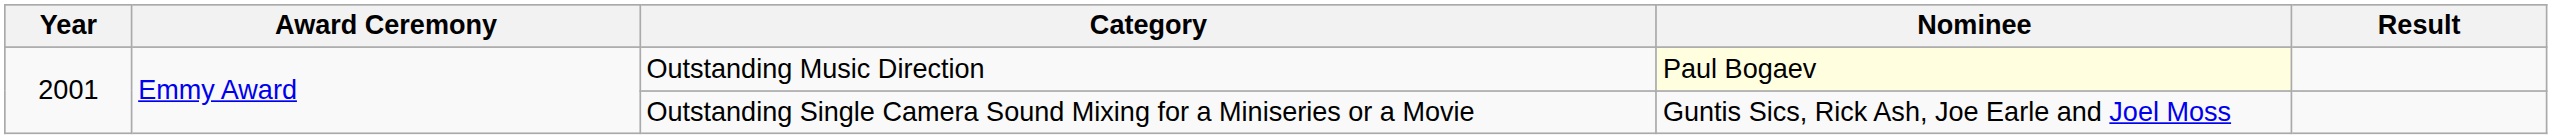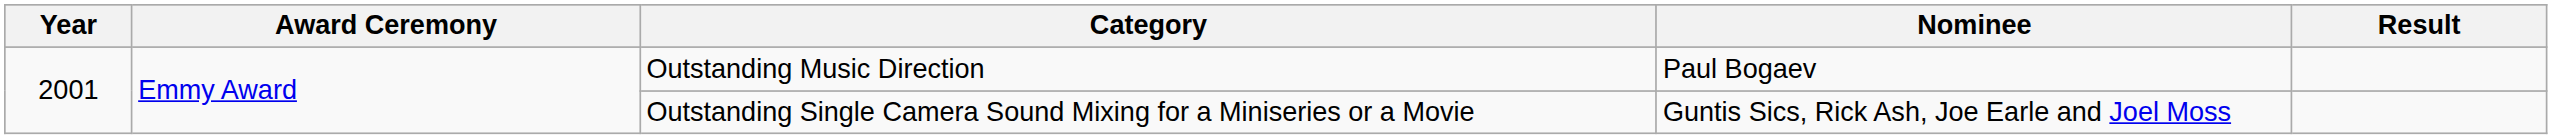 <table class="wikitable" width="95%">
 <tr>
 <th width="5%">Year</th>
 <th width="20%">Award Ceremony</th>
 <th width="40%">Category</th>
 <th width="25%">Nominee</th>
 <th width="10%">Result</th>
 </tr>
 <tr>
 <td rowspan="2" align="center">2001</td>
 <td rowspan="2"><a href='#'>Emmy Award</a></td>
 <td>Outstanding Music Direction</td>
-<td style="background: lightyellow;">Paul Bogaev</td>
+<td>Paul Bogaev</td>
 <td></td>
 </tr>
 <tr>
 <td>Outstanding Single Camera Sound Mixing for a Miniseries or a Movie</td>
 <td>Guntis Sics, Rick Ash, Joe Earle and <a href='#'>Joel Moss</a></td>
 <td></td>
 </tr>
 </table>
